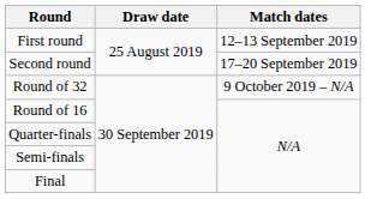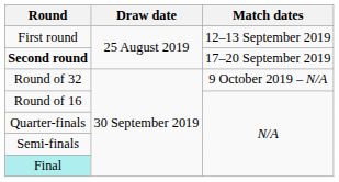 <table class="wikitable" style="text-align:center">
 <tr>
 <th>Round</th>
 <th>Draw date</th>
 <th colspan="2">Match dates</th>
 </tr>
 <tr>
 <td>First round</td>
 <td rowspan="2">25 August 2019</td>
 <td colspan="2">12–13 September 2019</td>
 </tr>
 <tr>
-<td>Second round</td>
+<td><strong>Second round</strong></td>
 <td colspan="2">17–20 September 2019</td>
 </tr>
 <tr>
 <td>Round of 32</td>
 <td rowspan="5">30 September 2019</td>
 <td colspan="2">9 October 2019 – <em>N/A</em></td>
 </tr>
 <tr>
 <td>Round of 16</td>
 <td rowspan="4" colspan="2"><em>N/A</em></td>
 </tr>
 <tr>
 <td>Quarter-finals</td>
 </tr>
 <tr>
 <td>Semi-finals</td>
 </tr>
 <tr>
-<td>Final</td>
+<td style="background: paleturquoise;">Final</td>
 </tr>
 </table>
